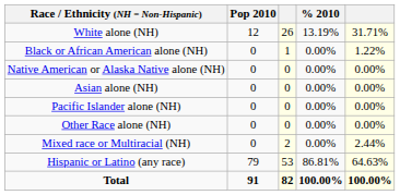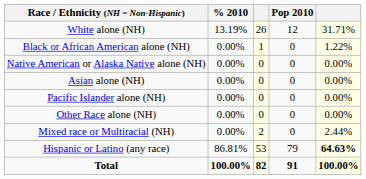 <table class="wikitable" style="text-align:center;">
 <tr>
 <th>Race / Ethnicity <small>(<em>NH = Non-Hispanic</em>)</small></th>
+<th>% 2010</th>
+<th></th>
 <th>Pop 2010</th>
-<th></th>
-<th>% 2010</th>
 <th></th>
 </tr>
 <tr>
 <td><a href='#'>White</a> alone (NH)</td>
+<td>13.19%</td>
+<td style='background: #ffffe6;'>26</td>
 <td>12</td>
-<td style='background: #ffffe6;'>26</td>
-<td>13.19%</td>
 <td style='background: #ffffe6;'>31.71%</td>
 </tr>
 <tr>
 <td><a href='#'>Black or African American</a> alone (NH)</td>
+<td>0.00%</td>
+<td style='background: #ffffe6;'>1</td>
 <td>0</td>
-<td style='background: #ffffe6;'>1</td>
-<td>0.00%</td>
 <td style='background: #ffffe6;'>1.22%</td>
 </tr>
 <tr>
 <td><a href='#'>Native American</a> or <a href='#'>Alaska Native</a> alone (NH)</td>
+<td>0.00%</td>
+<td style='background: #ffffe6;'>0</td>
 <td>0</td>
-<td style='background: #ffffe6;'>0</td>
-<td>0.00%</td>
 <td style='background: #ffffe6;'>0.00%</td>
 </tr>
 <tr>
 <td><a href='#'>Asian</a> alone (NH)</td>
+<td>0.00%</td>
+<td style='background: #ffffe6;'>0</td>
 <td>0</td>
-<td style='background: #ffffe6;'>0</td>
-<td>0.00%</td>
 <td style='background: #ffffe6;'>0.00%</td>
 </tr>
 <tr>
 <td><a href='#'>Pacific Islander</a> alone (NH)</td>
+<td>0.00%</td>
+<td style='background: #ffffe6;'>0</td>
 <td>0</td>
-<td style='background: #ffffe6;'>0</td>
-<td>0.00%</td>
 <td style='background: #ffffe6;'>0.00%</td>
 </tr>
 <tr>
 <td><a href='#'>Other Race</a> alone (NH)</td>
+<td>0.00%</td>
+<td style='background: #ffffe6;'>0</td>
 <td>0</td>
-<td style='background: #ffffe6;'>0</td>
-<td>0.00%</td>
 <td style='background: #ffffe6;'>0.00%</td>
 </tr>
 <tr>
 <td><a href='#'>Mixed race or Multiracial</a> (NH)</td>
+<td>0.00%</td>
+<td style='background: #ffffe6;'>2</td>
 <td>0</td>
-<td style='background: #ffffe6;'>2</td>
-<td>0.00%</td>
 <td style='background: #ffffe6;'>2.44%</td>
 </tr>
 <tr>
 <td><a href='#'>Hispanic or Latino</a> (any race)</td>
+<td>86.81%</td>
+<td style='background: #ffffe6;'>53</td>
 <td>79</td>
-<td style='background: #ffffe6;'>53</td>
-<td>86.81%</td>
-<td style='background: #ffffe6;'>64.63%</td>
+<td style='background: #ffffe6;'><strong>64.63%</strong></td>
 </tr>
 <tr>
 <td><strong>Total</strong></td>
+<td><strong>100.00%</strong></td>
+<td style='background: #ffffe6;'><strong>82</strong></td>
 <td><strong>91</strong></td>
-<td style='background: #ffffe6;'><strong>82</strong></td>
-<td><strong>100.00%</strong></td>
 <td style='background: #ffffe6;'><strong>100.00%</strong></td>
 </tr>
 </table>
